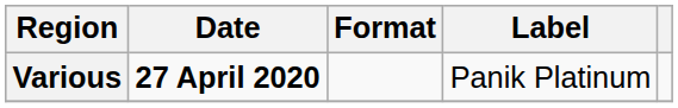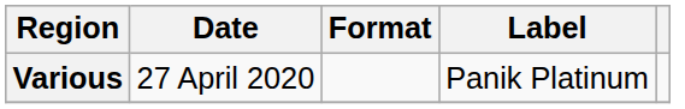 <table class="wikitable plainrowheaders">
 <tr>
 <th scope="col">Region</th>
 <th scope="col">Date</th>
 <th scope="col">Format</th>
 <th scope="col">Label</th>
 <th scope="col"></th>
 </tr>
 <tr>
 <th>Various</th>
-<td><strong>27 April 2020</strong></td>
+<td>27 April 2020</td>
 <td></td>
 <td>Panik Platinum</td>
 <td></td>
 </tr>
 <tr>
 </tr>
 </table>
